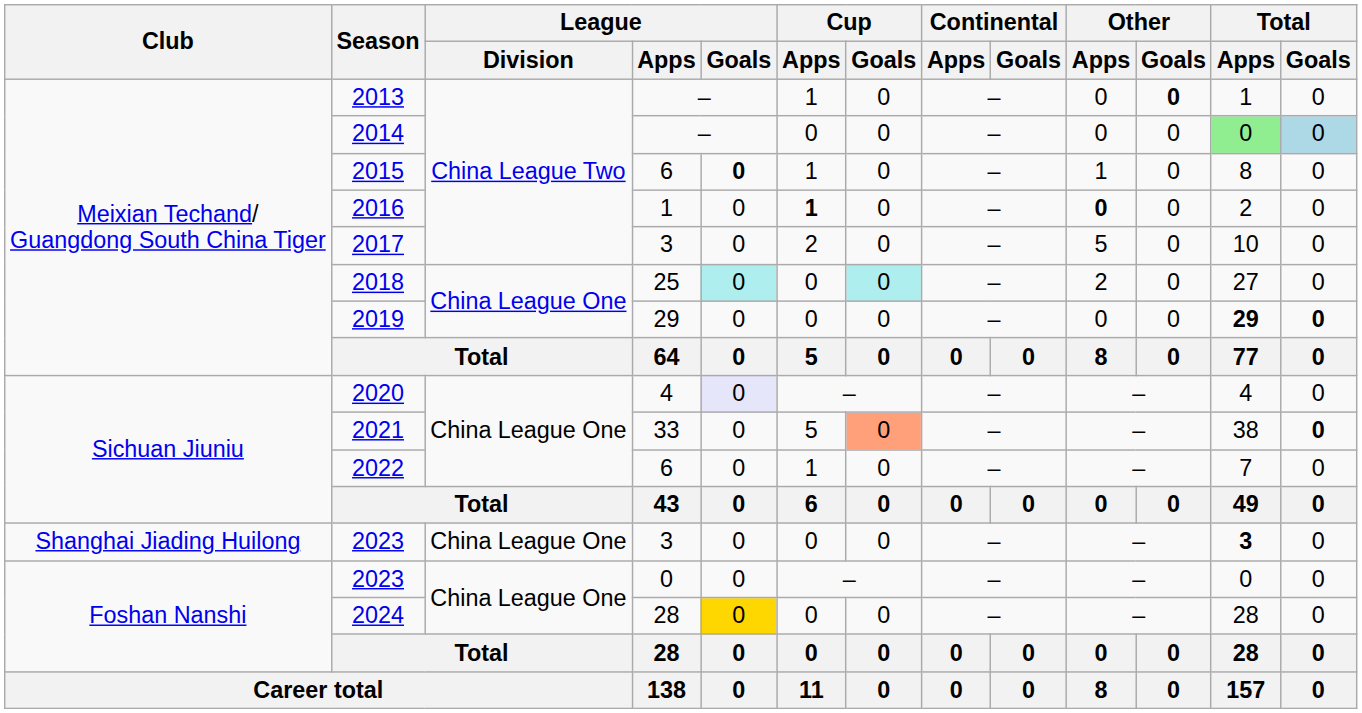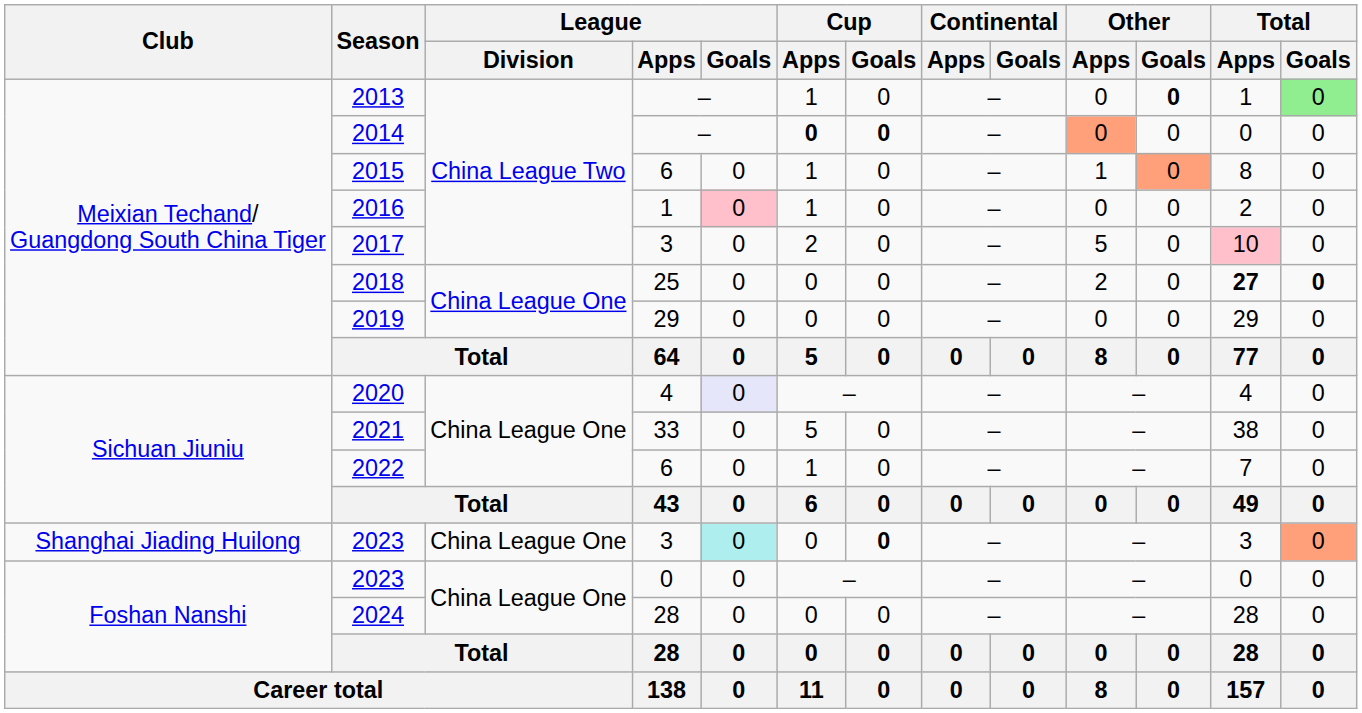 <table class="wikitable" style="text-align: center">
 <tr>
 <th rowspan="2">Club</th>
 <th rowspan="2">Season</th>
 <th colspan="3">League</th>
 <th colspan="2">Cup</th>
 <th colspan="2">Continental</th>
 <th colspan="2">Other</th>
 <th colspan="2">Total</th>
 </tr>
 <tr>
 <th>Division</th>
 <th>Apps</th>
 <th>Goals</th>
 <th>Apps</th>
 <th>Goals</th>
 <th>Apps</th>
 <th>Goals</th>
 <th>Apps</th>
 <th>Goals</th>
 <th>Apps</th>
 <th>Goals</th>
 </tr>
 <tr>
 <td rowspan="8"><a href='#'>Meixian Techand</a>/<br><a href='#'>Guangdong South China Tiger</a></td>
 <td><a href='#'>2013</a></td>
 <td rowspan="5"><a href='#'>China League Two</a></td>
 <td colspan="2">–</td>
 <td>1</td>
 <td>0</td>
 <td colspan="2">–</td>
 <td>0</td>
 <td><strong>0</strong></td>
 <td>1</td>
-<td>0</td>
+<td style="background: lightgreen;">0</td>
 </tr>
 <tr>
 <td><a href='#'>2014</a></td>
 <td colspan="2">–</td>
+<td><strong>0</strong></td>
+<td><strong>0</strong></td>
+<td colspan="2">–</td>
+<td style="background: lightsalmon;">0</td>
 <td>0</td>
 <td>0</td>
-<td colspan="2">–</td>
 <td>0</td>
-<td>0</td>
-<td style="background: lightgreen;">0</td>
-<td style="background: lightblue;">0</td>
 </tr>
 <tr>
 <td><a href='#'>2015</a></td>
 <td>6</td>
-<td><strong>0</strong></td>
+<td>0</td>
 <td>1</td>
 <td>0</td>
 <td colspan="2">–</td>
 <td>1</td>
-<td>0</td>
+<td style="background: lightsalmon;">0</td>
 <td>8</td>
 <td>0</td>
 </tr>
 <tr>
 <td><a href='#'>2016</a></td>
 <td>1</td>
-<td>0</td>
-<td><strong>1</strong></td>
+<td style="background: pink;">0</td>
+<td>1</td>
 <td>0</td>
 <td colspan="2">–</td>
-<td><strong>0</strong></td>
+<td>0</td>
 <td>0</td>
 <td>2</td>
 <td>0</td>
 </tr>
 <tr>
 <td><a href='#'>2017</a></td>
 <td>3</td>
 <td>0</td>
 <td>2</td>
 <td>0</td>
 <td colspan="2">–</td>
 <td>5</td>
 <td>0</td>
-<td>10</td>
+<td style="background: pink;">10</td>
 <td>0</td>
 </tr>
 <tr>
 <td><a href='#'>2018</a></td>
 <td rowspan="2"><a href='#'>China League One</a></td>
 <td>25</td>
-<td style="background: paleturquoise;">0</td>
 <td>0</td>
-<td style="background: paleturquoise;">0</td>
+<td>0</td>
+<td>0</td>
 <td colspan="2">–</td>
 <td>2</td>
 <td>0</td>
-<td>27</td>
-<td>0</td>
+<td><strong>27</strong></td>
+<td><strong>0</strong></td>
 </tr>
 <tr>
 <td><a href='#'>2019</a></td>
 <td>29</td>
 <td>0</td>
 <td>0</td>
 <td>0</td>
 <td colspan="2">–</td>
 <td>0</td>
 <td>0</td>
-<td><strong>29</strong></td>
-<td><strong>0</strong></td>
+<td>29</td>
+<td>0</td>
 </tr>
 <tr>
 <th colspan=2>Total</th>
 <th>64</th>
 <th>0</th>
 <th>5</th>
 <th>0</th>
 <th>0</th>
 <th>0</th>
 <th>8</th>
 <th>0</th>
 <th>77</th>
 <th>0</th>
 </tr>
 <tr>
 <td rowspan="4"><a href='#'>Sichuan Jiuniu</a></td>
 <td><a href='#'>2020</a></td>
 <td rowspan="3">China League One</td>
 <td>4</td>
 <td style="background: lavender;">0</td>
 <td colspan="2">–</td>
 <td colspan="2">–</td>
 <td colspan="2">–</td>
 <td>4</td>
 <td>0</td>
 </tr>
 <tr>
 <td><a href='#'>2021</a></td>
 <td>33</td>
 <td>0</td>
 <td>5</td>
-<td style="background: lightsalmon;">0</td>
+<td>0</td>
 <td colspan="2">–</td>
 <td colspan="2">–</td>
 <td>38</td>
-<td><strong>0</strong></td>
+<td>0</td>
 </tr>
 <tr>
 <td><a href='#'>2022</a></td>
 <td>6</td>
 <td>0</td>
 <td>1</td>
 <td>0</td>
 <td colspan="2">–</td>
 <td colspan="2">–</td>
 <td>7</td>
 <td>0</td>
 </tr>
 <tr>
 <th colspan=2>Total</th>
 <th>43</th>
 <th>0</th>
 <th>6</th>
 <th>0</th>
 <th>0</th>
 <th>0</th>
 <th>0</th>
 <th>0</th>
 <th>49</th>
 <th>0</th>
 </tr>
 <tr>
 <td><a href='#'>Shanghai Jiading Huilong</a></td>
 <td><a href='#'>2023</a></td>
 <td>China League One</td>
 <td>3</td>
+<td style="background: paleturquoise;">0</td>
 <td>0</td>
-<td>0</td>
-<td>0</td>
+<td><strong>0</strong></td>
 <td colspan="2">–</td>
 <td colspan="2">–</td>
-<td><strong>3</strong></td>
-<td>0</td>
+<td>3</td>
+<td style="background: lightsalmon;">0</td>
 </tr>
 <tr>
 <td rowspan="3"><a href='#'>Foshan Nanshi</a></td>
 <td><a href='#'>2023</a></td>
 <td rowspan="2">China League One</td>
 <td>0</td>
 <td>0</td>
 <td colspan="2">–</td>
 <td colspan="2">–</td>
 <td colspan="2">–</td>
 <td>0</td>
 <td>0</td>
 </tr>
 <tr>
 <td><a href='#'>2024</a></td>
 <td>28</td>
-<td style="background: gold;">0</td>
+<td>0</td>
 <td>0</td>
 <td>0</td>
 <td colspan="2">–</td>
 <td colspan="2">–</td>
 <td>28</td>
 <td>0</td>
 </tr>
 <tr>
 <th colspan=2>Total</th>
 <th>28</th>
 <th>0</th>
 <th>0</th>
 <th>0</th>
 <th>0</th>
 <th>0</th>
 <th>0</th>
 <th>0</th>
 <th>28</th>
 <th>0</th>
 </tr>
 <tr>
 <th colspan=3>Career total</th>
 <th>138</th>
 <th>0</th>
 <th>11</th>
 <th>0</th>
 <th>0</th>
 <th>0</th>
 <th>8</th>
 <th>0</th>
 <th>157</th>
 <th>0</th>
 </tr>
 </table>
